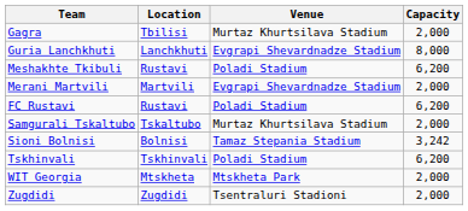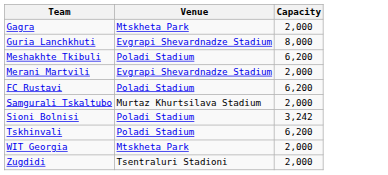 <table class="wikitable sortable" border="1">
 <tr>
 <th>Team</th>
-<th>Location</th>
 <th>Venue</th>
 <th>Capacity</th>
 </tr>
 <tr>
 <td><a href='#'>Gagra</a></td>
-<td><a href='#'>Tbilisi</a></td>
-<td>Murtaz Khurtsilava Stadium</td>
+<td><a href='#'>Mtskheta Park</a></td>
 <td align="center">2,000</td>
 </tr>
 <tr>
 <td><a href='#'>Guria Lanchkhuti</a></td>
-<td><a href='#'>Lanchkhuti</a></td>
 <td><a href='#'>Evgrapi Shevardnadze Stadium</a></td>
 <td align="center">8,000</td>
 </tr>
 <tr>
 <td><a href='#'>Meshakhte Tkibuli</a></td>
-<td><a href='#'>Rustavi</a></td>
 <td><a href='#'>Poladi Stadium</a></td>
 <td align="center">6,200</td>
 </tr>
 <tr>
 <td><a href='#'>Merani Martvili</a></td>
-<td><a href='#'>Martvili</a></td>
 <td><a href='#'>Evgrapi Shevardnadze Stadium</a></td>
 <td align="center">2,000</td>
 </tr>
 <tr>
 <td><a href='#'>FC Rustavi</a></td>
-<td><a href='#'>Rustavi</a></td>
 <td><a href='#'>Poladi Stadium</a></td>
 <td align="center">6,200</td>
 </tr>
 <tr>
 <td><a href='#'>Samgurali Tskaltubo</a></td>
-<td><a href='#'>Tskaltubo</a></td>
 <td>Murtaz Khurtsilava Stadium</td>
 <td align="center">2,000</td>
 </tr>
 <tr>
 <td><a href='#'>Sioni Bolnisi</a></td>
-<td><a href='#'>Bolnisi</a></td>
-<td><a href='#'>Tamaz Stepania Stadium</a></td>
+<td><a href='#'>Poladi Stadium</a></td>
 <td align="center">3,242</td>
 </tr>
 <tr>
-<td><a href='#'>Tskhinvali</a></td>
 <td><a href='#'>Tskhinvali</a></td>
 <td><a href='#'>Poladi Stadium</a></td>
 <td align="center">6,200</td>
 </tr>
 <tr>
 <td><a href='#'>WIT Georgia</a></td>
-<td><a href='#'>Mtskheta</a></td>
 <td><a href='#'>Mtskheta Park</a></td>
 <td align="center">2,000</td>
 </tr>
 <tr>
 <td><a href='#'>Zugdidi</a></td>
-<td><a href='#'>Zugdidi</a></td>
 <td>Tsentraluri Stadioni</td>
 <td align="center">2,000</td>
 </tr>
 </table>
